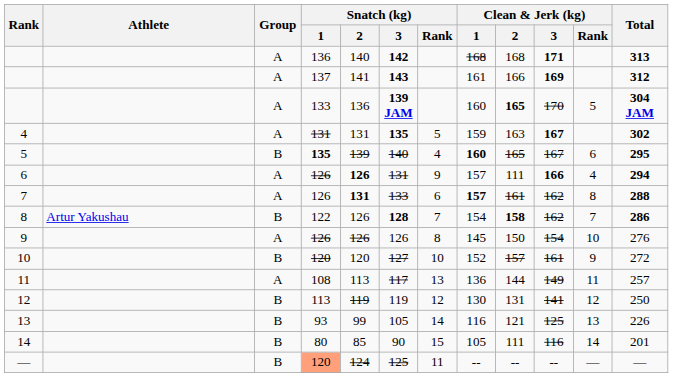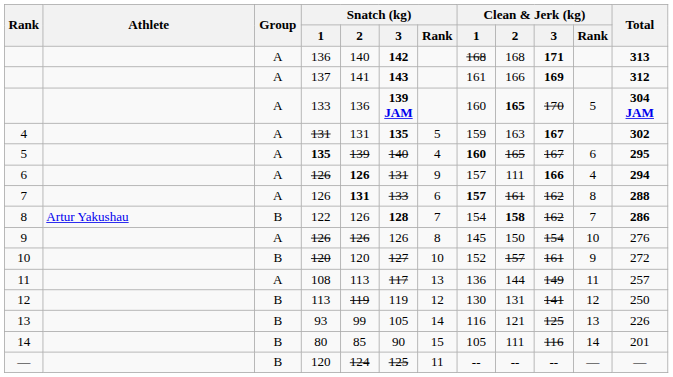 <table class = "wikitable" style="text-align:center;">
 <tr>
 <th rowspan=2 width=40>Rank</th>
 <th rowspan=2 width=250>Athlete</th>
 <th rowspan=2 width=50>Group</th>
 <th colspan=4>Snatch (kg)</th>
 <th colspan=4>Clean & Jerk (kg)</th>
 <th rowspan=2 width=60>Total</th>
 </tr>
 <tr>
 <th width=40>1</th>
 <th width=40>2</th>
 <th width=40>3</th>
 <th width=40>Rank</th>
 <th width=40>1</th>
 <th width=40>2</th>
 <th width=40>3</th>
 <th width=40>Rank</th>
 </tr>
 <tr>
 <td></td>
 <td align=left></td>
 <td>A</td>
 <td>136</td>
 <td>140</td>
 <td><strong>142</strong></td>
 <td></td>
 <td><s>168</s></td>
 <td>168</td>
 <td><strong>171</strong></td>
 <td></td>
 <td><strong>313</strong></td>
 </tr>
 <tr>
 <td></td>
 <td align=left></td>
 <td>A</td>
 <td>137</td>
 <td>141</td>
 <td><strong>143</strong></td>
 <td></td>
 <td>161</td>
 <td>166</td>
 <td><strong>169</strong></td>
 <td></td>
 <td><strong>312</strong></td>
 </tr>
 <tr>
 <td></td>
 <td align=left></td>
 <td>A</td>
 <td>133</td>
 <td>136</td>
 <td><strong>139 <a href='#'>JAM</a> </strong></td>
 <td></td>
 <td>160</td>
 <td><strong>165</strong></td>
 <td><s>170</s></td>
 <td>5</td>
 <td><strong>304 <a href='#'>JAM</a> </strong></td>
 </tr>
 <tr>
 <td>4</td>
 <td align=left></td>
 <td>A</td>
 <td><s>131</s></td>
 <td>131</td>
 <td><strong>135</strong></td>
 <td>5</td>
 <td>159</td>
 <td>163</td>
 <td><strong>167</strong></td>
 <td></td>
 <td><strong>302</strong></td>
 </tr>
 <tr>
 <td>5</td>
 <td align=left></td>
-<td>B</td>
+<td>A</td>
 <td><strong>135</strong></td>
 <td><s>139</s></td>
 <td><s>140</s></td>
 <td>4</td>
 <td><strong>160</strong></td>
 <td><s>165</s></td>
 <td><s>167</s></td>
 <td>6</td>
 <td><strong>295</strong></td>
 </tr>
 <tr>
 <td>6</td>
 <td align=left></td>
 <td>A</td>
 <td><s>126</s></td>
 <td><strong>126</strong></td>
 <td><s>131</s></td>
 <td>9</td>
 <td>157</td>
 <td>111</td>
 <td><strong>166</strong></td>
 <td>4</td>
 <td><strong>294</strong></td>
 </tr>
 <tr>
 <td>7</td>
 <td align=left></td>
 <td>A</td>
 <td>126</td>
 <td><strong>131</strong></td>
 <td><s>133</s></td>
 <td>6</td>
 <td><strong>157</strong></td>
 <td><s>161</s></td>
 <td><s>162</s></td>
 <td>8</td>
 <td><strong>288</strong></td>
 </tr>
 <tr>
 <td>8</td>
 <td align=left> <a href='#'>Artur Yakushau</a> </td>
 <td>B</td>
 <td>122</td>
 <td>126</td>
 <td><strong>128</strong></td>
 <td>7</td>
 <td>154</td>
 <td><strong>158</strong></td>
 <td><s>162</s></td>
 <td>7</td>
 <td><strong>286<em></td>
 </tr>
 <tr>
 <td>9</td>
 <td align=left></td>
 <td>A</td>
 <td><s>126</s></td>
 <td><s>126</s></td>
 <td></strong>126<strong></td>
 <td>8</td>
 <td>145</td>
 <td></strong>150<strong></td>
 <td><s>154</s></td>
 <td>10</td>
 <td></strong>276<strong></td>
 </tr>
 <tr>
 <td>10</td>
 <td align=left></td>
 <td>B</td>
 <td><s>120</s></td>
 <td></strong>120<strong></td>
 <td><s>127</s></td>
 <td>10</td>
 <td></strong>152<strong></td>
 <td><s>157</s></td>
 <td><s>161</s></td>
 <td>9</td>
 <td></strong>272<strong></td>
 </tr>
 <tr>
 <td>11</td>
 <td align=left></td>
 <td>A</td>
 <td>108</td>
 <td></strong>113<strong></td>
 <td><s>117</s></td>
 <td>13</td>
 <td>136</td>
 <td></strong>144<strong></td>
 <td><s>149</s></td>
 <td>11</td>
 <td></strong>257<strong></td>
 </tr>
 <tr>
 <td>12</td>
 <td align=left></td>
 <td>B</td>
 <td>113</td>
 <td><s>119</s></td>
 <td></strong>119<strong></td>
 <td>12</td>
 <td>130</td>
 <td></strong>131<strong></td>
 <td><s>141</s></td>
 <td>12</td>
 <td></strong>250<strong></td>
 </tr>
 <tr>
 <td>13</td>
 <td align=left></td>
 <td>B</td>
 <td>93</td>
 <td>99</td>
 <td></strong>105<strong></td>
 <td>14</td>
 <td>116</td>
 <td></strong>121<strong></td>
 <td><s>125</s></td>
 <td>13</td>
 <td></strong>226<strong></td>
 </tr>
 <tr>
 <td>14</td>
 <td align=left></td>
 <td>B</td>
 <td>80</td>
 <td>85</td>
 <td></strong>90<strong></td>
 <td>15</td>
 <td>105</td>
 <td></strong>111<strong></td>
 <td><s>116</s></td>
 <td>14</td>
 <td></strong>201<strong></td>
 </tr>
 <tr>
 <td>—</td>
 <td align=left></td>
 <td>B</td>
-<td style="background: lightsalmon;"></strong>120<strong></td>
+<td></strong>120<strong></td>
 <td><s>124</s></td>
 <td><s>125</s></td>
 <td>11</td>
 <td>--</td>
 <td>--</td>
 <td>--</td>
 <td>—</td>
 <td></strong>—<strong></td>
 </tr>
 </table>
